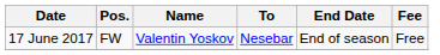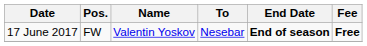 <table class="wikitable">
 <tr>
 <th>Date</th>
 <th>Pos.</th>
 <th>Name</th>
 <th>To</th>
 <th>End Date</th>
 <th>Fee</th>
 </tr>
 <tr>
 <td>17 June 2017</td>
 <td>FW</td>
 <td> <a href='#'>Valentin Yoskov</a></td>
 <td><a href='#'>Nesebar</a></td>
-<td>End of season</td>
-<td>Free</td>
+<td><strong>End of season</strong></td>
+<td><strong>Free</strong></td>
 </tr>
 <tr>
 </tr>
 </table>
